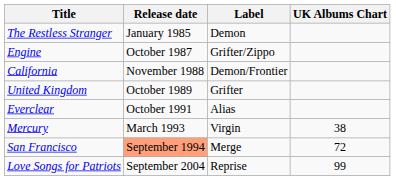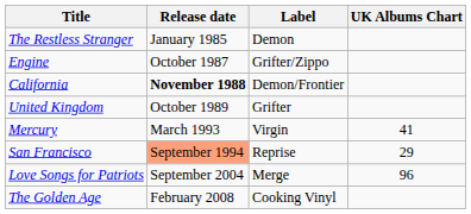 <table class="wikitable">
 <tr>
 <th>Title</th>
 <th>Release date</th>
 <th>Label</th>
 <th>UK Albums Chart</th>
 </tr>
 <tr>
 <td><em><a href='#'>The Restless Stranger</a></em></td>
 <td>January 1985</td>
 <td>Demon</td>
 <td></td>
 </tr>
 <tr>
 <td><em><a href='#'>Engine</a></em></td>
 <td>October 1987</td>
 <td>Grifter/Zippo</td>
 <td></td>
 </tr>
 <tr>
 <td><em><a href='#'>California</a></em></td>
-<td>November 1988</td>
+<td><strong>November 1988</strong></td>
 <td>Demon/Frontier</td>
 <td></td>
 </tr>
 <tr>
 <td><em><a href='#'>United Kingdom</a></em></td>
 <td>October 1989</td>
 <td>Grifter</td>
 <td></td>
 </tr>
 <tr>
-<td><em><a href='#'>Everclear</a></em></td>
-<td>October 1991</td>
-<td>Alias</td>
-<td></td>
-</tr>
-<tr>
 <td><em><a href='#'>Mercury</a></em></td>
 <td>March 1993</td>
 <td>Virgin</td>
-<td align="center">38</td>
+<td align="center">41</td>
 </tr>
 <tr>
 <td><em><a href='#'>San Francisco</a></em></td>
 <td style="background: lightsalmon;">September 1994</td>
-<td>Merge</td>
-<td align="center">72</td>
+<td>Reprise</td>
+<td align="center">29</td>
 </tr>
 <tr>
 <td><em><a href='#'>Love Songs for Patriots</a></em></td>
 <td>September 2004</td>
-<td>Reprise</td>
-<td align="center">99</td>
+<td>Merge</td>
+<td align="center">96</td>
+</tr>
+<tr>
+<td><em><a href='#'>The Golden Age</a></em></td>
+<td>February 2008</td>
+<td>Cooking Vinyl</td>
+<td></td>
 </tr>
 </table>
